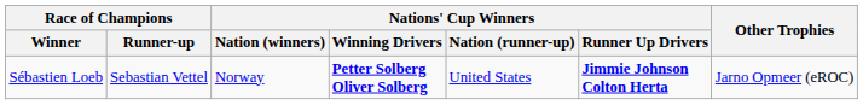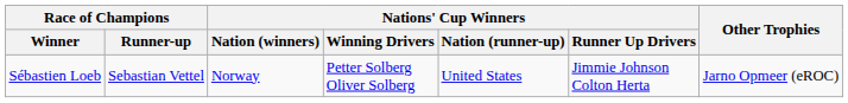 <table class="wikitable" style=font-size:85%;>
 <tr>
 <th colspan=2>Race of Champions</th>
 <th colspan=4>Nations' Cup Winners</th>
 <th rowspan=2>Other Trophies</th>
 </tr>
 <tr>
 <th>Winner</th>
 <th>Runner-up</th>
 <th>Nation (winners)</th>
 <th>Winning Drivers</th>
 <th>Nation (runner-up)</th>
 <th>Runner Up Drivers</th>
 </tr>
 <tr>
 <td> <a href='#'>Sébastien Loeb</a></td>
 <td> <a href='#'>Sebastian Vettel</a></td>
 <td> <a href='#'>Norway</a></td>
-<td><strong> <a href='#'>Petter Solberg</a><br> <a href='#'>Oliver Solberg</a></strong></td>
+<td> <a href='#'>Petter Solberg</a><br> <a href='#'>Oliver Solberg</a></td>
 <td> <a href='#'>United States</a></td>
-<td><strong> <a href='#'>Jimmie Johnson</a><br> <a href='#'>Colton Herta</a></strong></td>
+<td> <a href='#'>Jimmie Johnson</a><br> <a href='#'>Colton Herta</a></td>
 <td> <a href='#'>Jarno Opmeer</a> (eROC)</td>
 </tr>
 </table>
